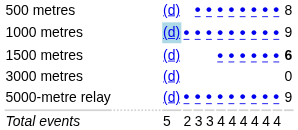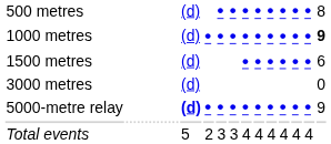 <table>
 <tr>
 <td align=left>500 metres</td>
 <td></td>
 <td></td>
 <td></td>
 <td></td>
 <td></td>
 <td></td>
 <td></td>
 <td></td>
 <td></td>
 <td></td>
 <td></td>
 <td></td>
 <td></td>
 <td></td>
 <td><a href='#'>(d)</a></td>
 <td></td>
 <td><strong><big><a href='#'>•</a></big></strong></td>
 <td><strong><big><a href='#'>•</a></big></strong></td>
 <td><strong><big><a href='#'>•</a></big></strong></td>
 <td><strong><big><a href='#'>•</a></big></strong></td>
 <td><strong><big><a href='#'>•</a></big></strong></td>
 <td><strong><big><a href='#'>•</a></big></strong></td>
 <td><strong><big><a href='#'>•</a></big></strong></td>
 <td><strong><big><a href='#'>•</a></big></strong></td>
 <td>8</td>
 </tr>
 <tr>
 <td align=left>1000 metres</td>
 <td></td>
 <td></td>
 <td></td>
 <td></td>
 <td></td>
 <td></td>
 <td></td>
 <td></td>
 <td></td>
 <td></td>
 <td></td>
 <td></td>
 <td></td>
 <td></td>
-<td style="background: lightblue;"><a href='#'>(d)</a></td>
+<td><a href='#'>(d)</a></td>
 <td><strong><big><a href='#'>•</a></big></strong></td>
 <td><strong><big><a href='#'>•</a></big></strong></td>
 <td><strong><big><a href='#'>•</a></big></strong></td>
 <td><strong><big><a href='#'>•</a></big></strong></td>
 <td><strong><big><a href='#'>•</a></big></strong></td>
 <td><strong><big><a href='#'>•</a></big></strong></td>
 <td><strong><big><a href='#'>•</a></big></strong></td>
 <td><strong><big><a href='#'>•</a></big></strong></td>
 <td><strong><big><a href='#'>•</a></big></strong></td>
-<td>9</td>
+<td><strong>9</strong></td>
 </tr>
 <tr>
 <td align=left>1500 metres</td>
 <td></td>
 <td></td>
 <td></td>
 <td></td>
 <td></td>
 <td></td>
 <td></td>
 <td></td>
 <td></td>
 <td></td>
 <td></td>
 <td></td>
 <td></td>
 <td></td>
 <td><a href='#'>(d)</a></td>
 <td></td>
 <td></td>
 <td></td>
 <td><strong><big><a href='#'>•</a></big></strong></td>
 <td><strong><big><a href='#'>•</a></big></strong></td>
 <td><strong><big><a href='#'>•</a></big></strong></td>
 <td><strong><big><a href='#'>•</a></big></strong></td>
 <td><strong><big><a href='#'>•</a></big></strong></td>
 <td><strong><big><a href='#'>•</a></big></strong></td>
-<td><strong>6</strong></td>
+<td>6</td>
 </tr>
 <tr>
 <td align=left>3000 metres</td>
 <td></td>
 <td></td>
 <td></td>
 <td></td>
 <td></td>
 <td></td>
 <td></td>
 <td></td>
 <td></td>
 <td></td>
 <td></td>
 <td></td>
 <td></td>
 <td></td>
 <td><a href='#'>(d)</a></td>
 <td></td>
 <td></td>
 <td></td>
 <td></td>
 <td></td>
 <td></td>
 <td></td>
 <td></td>
 <td></td>
 <td>0</td>
 </tr>
 <tr>
 <td align=left>5000-metre relay</td>
 <td></td>
 <td></td>
 <td></td>
 <td></td>
 <td></td>
 <td></td>
 <td></td>
 <td></td>
 <td></td>
 <td></td>
 <td></td>
 <td></td>
 <td></td>
 <td></td>
-<td><a href='#'>(d)</a></td>
+<td><strong><a href='#'>(d)</a></strong></td>
 <td><strong><big><a href='#'>•</a></big></strong></td>
 <td><strong><big><a href='#'>•</a></big></strong></td>
 <td><strong><big><a href='#'>•</a></big></strong></td>
 <td><strong><big><a href='#'>•</a></big></strong></td>
 <td><strong><big><a href='#'>•</a></big></strong></td>
 <td><strong><big><a href='#'>•</a></big></strong></td>
 <td><strong><big><a href='#'>•</a></big></strong></td>
 <td><strong><big><a href='#'>•</a></big></strong></td>
 <td><strong><big><a href='#'>•</a></big></strong></td>
 <td>9</td>
 </tr>
 <tr bgcolor=lightgray>
 <td></td>
 <td></td>
 <td></td>
 <td></td>
 <td></td>
 <td></td>
 <td></td>
 <td></td>
 <td></td>
 <td></td>
 <td></td>
 <td></td>
 <td></td>
 <td></td>
 <td></td>
 <td></td>
 <td></td>
 <td></td>
 <td></td>
 <td></td>
 <td></td>
 <td></td>
 <td></td>
 <td></td>
 <td></td>
 <td></td>
 </tr>
 <tr>
 <td><em>Total events</em></td>
 <td></td>
 <td></td>
 <td></td>
 <td></td>
 <td></td>
 <td></td>
 <td></td>
 <td></td>
 <td></td>
 <td></td>
 <td></td>
 <td></td>
 <td></td>
 <td></td>
 <td>5</td>
 <td>2</td>
 <td>3</td>
 <td>3</td>
 <td>4</td>
 <td>4</td>
 <td>4</td>
 <td>4</td>
 <td>4</td>
 <td>4</td>
 <td></td>
 </tr>
 </table>
